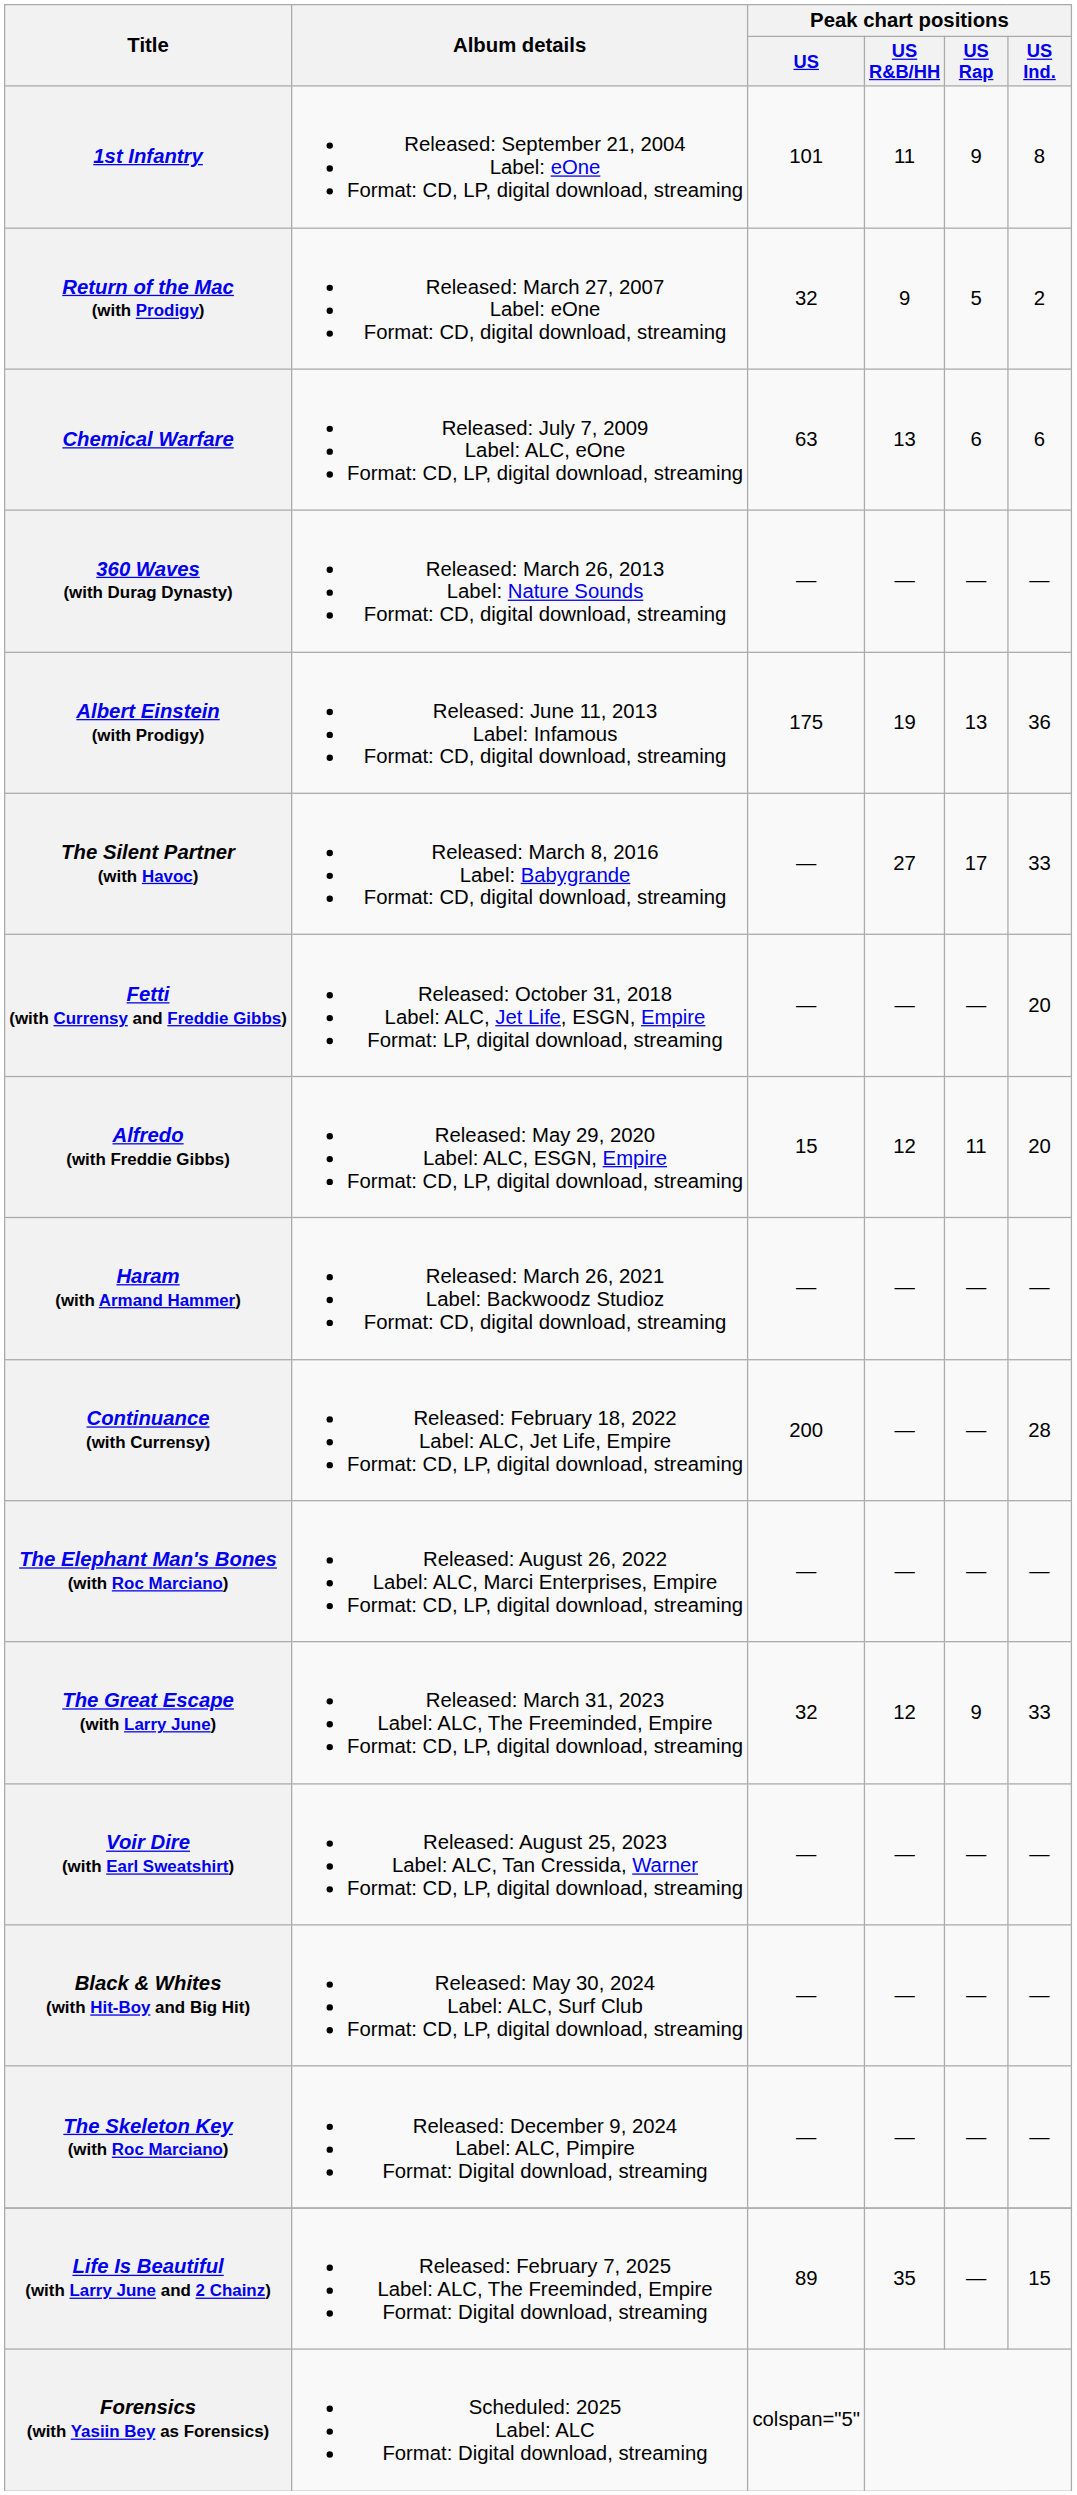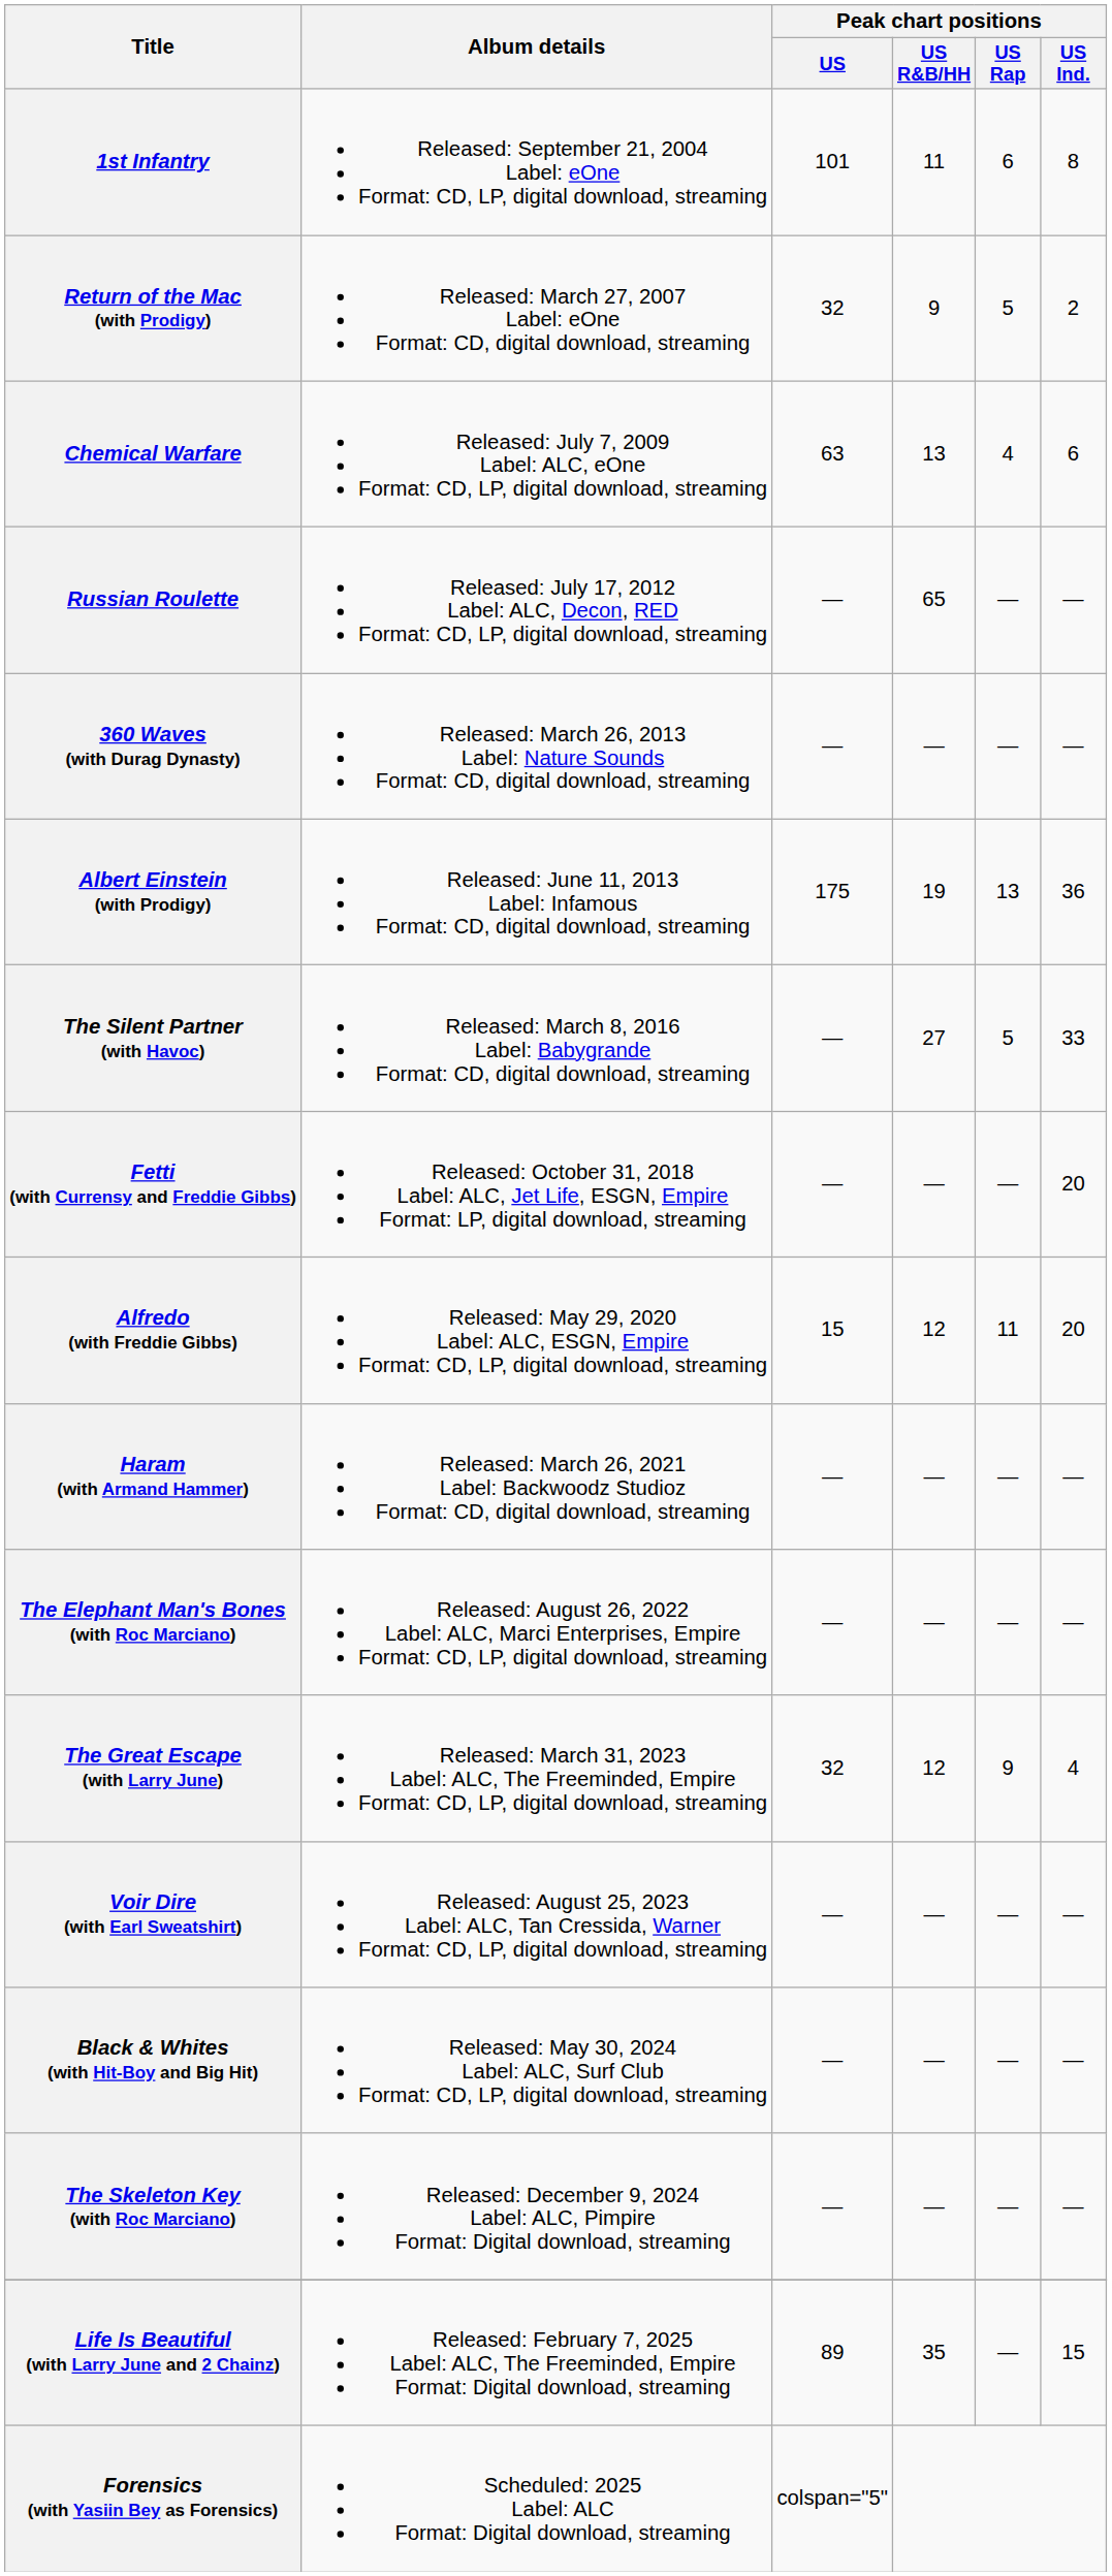 <table class="wikitable plainrowheaders" style="text-align:center;">
 <tr>
 <th scope="col" rowspan="2">Title</th>
 <th scope="col" rowspan="2">Album details</th>
 <th scope="col" colspan="4">Peak chart positions</th>
 </tr>
 <tr>
 <th scope="col" style="width:3em;font-size:90%;"><a href='#'>US</a><br></th>
 <th scope="col" style="width:3em;font-size:90%;"><a href='#'>US<br>R&B/HH</a><br></th>
 <th scope="col" style="width:3em;font-size:90%;"><a href='#'>US<br>Rap</a><br></th>
 <th scope="col" style="width:3em;font-size:90%;"><a href='#'>US<br>Ind.</a><br></th>
 </tr>
 <tr>
 <th scope="row"><em><a href='#'>1st Infantry</a></em></th>
 <td><br><ul><li>Released: September 21, 2004</li><li>Label: <a href='#'>eOne</a></li><li>Format: CD, LP, digital download, streaming</li></ul></td>
 <td>101</td>
 <td>11</td>
-<td>9</td>
+<td>6</td>
 <td>8</td>
 </tr>
 <tr>
 <th scope="row"><em><a href='#'>Return of the Mac</a></em><br><small>(with <a href='#'>Prodigy</a>)</small></th>
 <td><br><ul><li>Released: March 27, 2007</li><li>Label: eOne</li><li>Format: CD, digital download, streaming</li></ul></td>
 <td>32</td>
 <td>9</td>
 <td>5</td>
 <td>2</td>
 </tr>
 <tr>
 <th scope="row"><em><a href='#'>Chemical Warfare</a></em></th>
 <td><br><ul><li>Released: July 7, 2009</li><li>Label: ALC, eOne</li><li>Format: CD, LP, digital download, streaming</li></ul></td>
 <td>63</td>
 <td>13</td>
+<td>4</td>
 <td>6</td>
-<td>6</td>
+</tr>
+<tr>
+<th scope="row"><em><a href='#'>Russian Roulette</a></em></th>
+<td><br><ul><li>Released: July 17, 2012</li><li>Label: ALC, <a href='#'>Decon</a>, <a href='#'>RED</a></li><li>Format: CD, LP, digital download, streaming</li></ul></td>
+<td>—</td>
+<td>65</td>
+<td>—</td>
+<td>—</td>
 </tr>
 <tr>
 <th scope="row"><em><a href='#'>360 Waves</a></em><br><small>(with Durag Dynasty)</small></th>
 <td><br><ul><li>Released: March 26, 2013</li><li>Label: <a href='#'>Nature Sounds</a></li><li>Format: CD, digital download, streaming</li></ul></td>
 <td>—</td>
 <td>—</td>
 <td>—</td>
 <td>—</td>
 </tr>
 <tr>
 <th scope="row"><em><a href='#'>Albert Einstein</a></em><br><small>(with Prodigy)</small></th>
 <td><br><ul><li>Released: June 11, 2013</li><li>Label: Infamous</li><li>Format: CD, digital download, streaming</li></ul></td>
 <td>175</td>
 <td>19</td>
 <td>13</td>
 <td>36</td>
 </tr>
 <tr>
 <th scope="row"><em>The Silent Partner</em><br><small>(with <a href='#'>Havoc</a>)</small></th>
 <td><br><ul><li>Released: March 8, 2016</li><li>Label: <a href='#'>Babygrande</a></li><li>Format: CD, digital download, streaming</li></ul></td>
 <td>—</td>
 <td>27</td>
-<td>17</td>
+<td>5</td>
 <td>33</td>
 </tr>
 <tr>
 <th scope="row"><em><a href='#'>Fetti</a></em><br><small>(with <a href='#'>Currensy</a> and <a href='#'>Freddie Gibbs</a>)</small></th>
 <td><br><ul><li>Released: October 31, 2018</li><li>Label: ALC, <a href='#'>Jet Life</a>, ESGN, <a href='#'>Empire</a></li><li>Format: LP, digital download, streaming</li></ul></td>
 <td>—</td>
 <td>—</td>
 <td>—</td>
 <td>20</td>
 </tr>
 <tr>
 <th scope="row"><em><a href='#'>Alfredo</a></em><br><small>(with Freddie Gibbs)</small></th>
 <td><br><ul><li>Released: May 29, 2020</li><li>Label: ALC, ESGN, <a href='#'>Empire</a></li><li>Format: CD, LP, digital download, streaming</li></ul></td>
 <td>15</td>
 <td>12</td>
 <td>11</td>
 <td>20</td>
 </tr>
 <tr>
 <th scope="row"><em><a href='#'>Haram</a></em><br><small>(with <a href='#'>Armand Hammer</a>)</small></th>
 <td><br><ul><li>Released: March 26, 2021</li><li>Label: Backwoodz Studioz</li><li>Format: CD, digital download, streaming</li></ul></td>
 <td>—</td>
 <td>—</td>
 <td>—</td>
 <td>—</td>
 </tr>
 <tr>
-<th scope="row"><em><a href='#'>Continuance</a></em><br><small>(with Currensy)</small></th>
-<td><br><ul><li>Released: February 18, 2022</li><li>Label: ALC, Jet Life, Empire</li><li>Format: CD, LP, digital download, streaming</li></ul></td>
-<td>200</td>
-<td>—</td>
-<td>—</td>
-<td>28</td>
-</tr>
-<tr>
 <th scope="row"><em><a href='#'>The Elephant Man's Bones</a></em><br><small>(with <a href='#'>Roc Marciano</a>)</small></th>
 <td><br><ul><li>Released: August 26, 2022</li><li>Label: ALC, Marci Enterprises, Empire</li><li>Format: CD, LP, digital download, streaming</li></ul></td>
 <td>—</td>
 <td>—</td>
 <td>—</td>
 <td>—</td>
 </tr>
 <tr>
 <th scope="row"><em><a href='#'>The Great Escape</a></em><br><small>(with <a href='#'>Larry June</a>)</small></th>
 <td><br><ul><li>Released: March 31, 2023</li><li>Label: ALC, The Freeminded, Empire</li><li>Format: CD, LP, digital download, streaming</li></ul></td>
 <td>32</td>
 <td>12</td>
 <td>9</td>
-<td>33</td>
+<td>4</td>
 </tr>
 <tr>
 <th scope="row"><em><a href='#'>Voir Dire</a></em><br><small>(with <a href='#'>Earl Sweatshirt</a>)</small></th>
 <td><br><ul><li>Released: August 25, 2023</li><li>Label: ALC, Tan Cressida, <a href='#'>Warner</a></li><li>Format: CD, LP, digital download, streaming</li></ul></td>
 <td>—</td>
 <td>—</td>
 <td>—</td>
 <td>—</td>
 </tr>
 <tr>
 <th scope="row"><em>Black & Whites</em><br><small>(with <a href='#'>Hit-Boy</a> and Big Hit)</small></th>
 <td><br><ul><li>Released: May 30, 2024</li><li>Label: ALC, Surf Club</li><li>Format: CD, LP, digital download, streaming</li></ul></td>
 <td>—</td>
 <td>—</td>
 <td>—</td>
 <td>—</td>
 </tr>
 <tr>
 <th scope="row"><em><a href='#'>The Skeleton Key</a></em><br><small>(with <a href='#'>Roc Marciano</a>)</small></th>
 <td><br><ul><li>Released: December 9, 2024</li><li>Label: ALC, Pimpire</li><li>Format: Digital download, streaming</li></ul></td>
 <td>—</td>
 <td>—</td>
 <td>—</td>
 <td>—</td>
 </tr>
 <tr>
 </tr>
 <tr>
 <th scope="row"><em><a href='#'>Life Is Beautiful</a></em><br><small>(with <a href='#'>Larry June</a> and <a href='#'>2 Chainz</a>)</small></th>
 <td><br><ul><li>Released: February 7, 2025</li><li>Label: ALC, The Freeminded, Empire</li><li>Format: Digital download, streaming</li></ul></td>
 <td>89</td>
 <td>35</td>
 <td>—</td>
 <td>15</td>
 </tr>
 <tr>
 <th scope="row"><em>Forensics</em><br><small>(with <a href='#'>Yasiin Bey</a> as Forensics)</small></th>
 <td><br><ul><li>Scheduled: 2025</li><li>Label: ALC</li><li>Format: Digital download, streaming</li></ul></td>
 <td>colspan="5" </td>
 </tr>
 </table>
